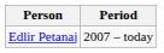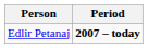 <table class="wikitable sortable">
 <tr>
 <th>Person</th>
 <th>Period</th>
 </tr>
 <tr>
 <td><a href='#'>Edlir Petanaj</a></td>
-<td>2007 – today</td>
+<td><strong>2007 – today</strong></td>
 </tr>
 </table>
